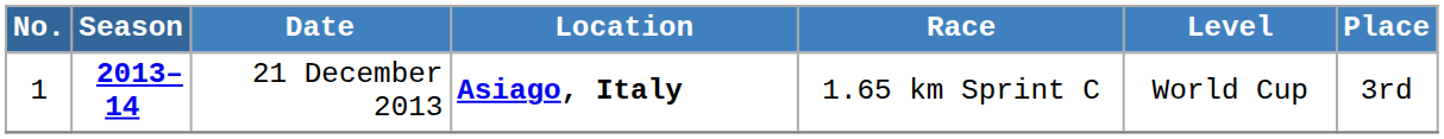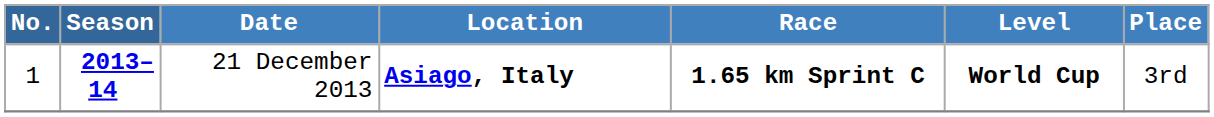 <table class="wikitable sortable" style="font-size:95%; text-align:center; border:grey solid 1px; border-collapse:collapse; background:#ffffff;">
 <tr style="background:#efefef;">
 <th style="background-color:#369; color:white;">No.</th>
 <th style="background-color:#369; color:white;">Season</th>
 <th style="background-color:#4180be; color:white; width:120px;">Date</th>
 <th style="background-color:#4180be; color:white; width:170px;">Location</th>
 <th style="background-color:#4180be; color:white; width:160px;">Race</th>
 <th style="background-color:#4180be; color:white; width:100px;">Level</th>
 <th style="background-color:#4180be; color:white;">Place</th>
 </tr>
 <tr>
 <td align=center>1</td>
 <td rowspan=1 align=center><strong> <a href='#'>2013–14</a> </strong></td>
 <td align=right>21 December 2013</td>
 <td align=left><strong> <a href='#'>Asiago</a>, Italy</strong></td>
-<td>1.65 km Sprint C</td>
-<td>World Cup</td>
+<td><strong>1.65 km Sprint C</strong></td>
+<td><strong>World Cup</strong></td>
 <td>3rd</td>
 </tr>
 <tr>
 </tr>
 </table>
